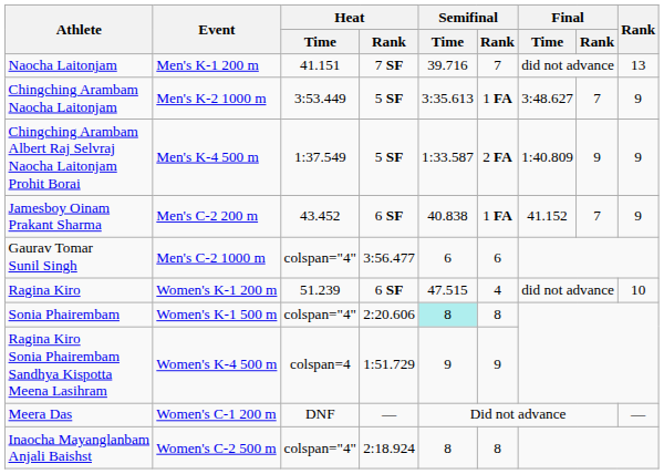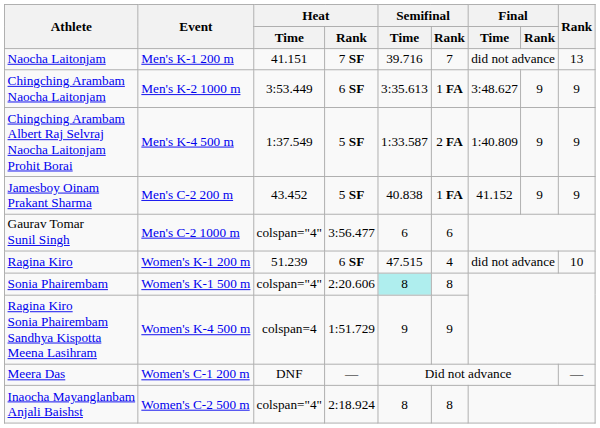 <table class="wikitable" style="text-align:center; font-size:90%">
 <tr>
 <th rowspan="2">Athlete</th>
 <th rowspan="2">Event</th>
 <th colspan="2">Heat</th>
 <th colspan="2">Semifinal</th>
 <th colspan="2">Final</th>
 <th rowspan="2">Rank</th>
 </tr>
 <tr>
 <th>Time</th>
 <th>Rank</th>
 <th>Time</th>
 <th>Rank</th>
 <th>Time</th>
 <th>Rank</th>
 </tr>
 <tr>
 <td align=left><a href='#'>Naocha Laitonjam</a></td>
 <td align=left><a href='#'>Men's K-1 200 m</a></td>
 <td>41.151</td>
 <td>7 <strong>SF</strong></td>
 <td>39.716</td>
 <td>7</td>
 <td colspan="2">did not advance</td>
 <td>13</td>
 </tr>
 <tr>
 <td align=left><a href='#'>Chingching Arambam</a><br><a href='#'>Naocha Laitonjam</a></td>
 <td align=left><a href='#'>Men's K-2 1000 m</a></td>
 <td>3:53.449</td>
-<td>5 <strong>SF</strong></td>
+<td>6 <strong>SF</strong></td>
 <td>3:35.613</td>
 <td>1 <strong>FA</strong></td>
 <td>3:48.627</td>
-<td>7</td>
+<td>9</td>
 <td>9</td>
 </tr>
 <tr>
 <td align=left><a href='#'>Chingching Arambam</a><br><a href='#'>Albert Raj Selvraj</a><br><a href='#'>Naocha Laitonjam</a><br><a href='#'>Prohit Borai</a></td>
 <td align=left><a href='#'>Men's K-4 500 m</a></td>
 <td>1:37.549</td>
 <td>5 <strong>SF</strong></td>
 <td>1:33.587</td>
 <td>2 <strong>FA</strong></td>
 <td>1:40.809</td>
 <td>9</td>
 <td>9</td>
 </tr>
 <tr>
 <td align=left><a href='#'>Jamesboy Oinam</a><br><a href='#'>Prakant Sharma</a></td>
 <td align=left><a href='#'>Men's C-2 200 m</a></td>
 <td>43.452</td>
-<td>6 <strong>SF</strong></td>
+<td>5 <strong>SF</strong></td>
 <td>40.838</td>
 <td>1 <strong>FA</strong></td>
 <td>41.152</td>
-<td>7</td>
+<td>9</td>
 <td>9</td>
 </tr>
 <tr>
 <td align=left>Gaurav Tomar<br><a href='#'>Sunil Singh</a></td>
 <td align=left><a href='#'>Men's C-2 1000 m</a></td>
 <td>colspan="4" </td>
 <td>3:56.477</td>
 <td>6</td>
 <td>6</td>
 </tr>
 <tr>
 <td align=left><a href='#'>Ragina Kiro</a></td>
 <td align=left><a href='#'>Women's K-1 200 m</a></td>
 <td>51.239</td>
 <td>6 <strong>SF</strong></td>
 <td>47.515</td>
 <td>4</td>
 <td colspan="2">did not advance</td>
 <td>10</td>
 </tr>
 <tr>
 <td align=left><a href='#'>Sonia Phairembam</a></td>
 <td align=left><a href='#'>Women's K-1 500 m</a></td>
 <td>colspan="4" </td>
 <td>2:20.606</td>
 <td style="background: paleturquoise;">8</td>
 <td>8</td>
 </tr>
 <tr>
 <td align=left><a href='#'>Ragina Kiro</a><br><a href='#'>Sonia Phairembam</a><br><a href='#'>Sandhya Kispotta</a><br><a href='#'>Meena Lasihram</a></td>
 <td align=left><a href='#'>Women's K-4 500 m</a></td>
 <td>colspan=4 </td>
 <td>1:51.729</td>
 <td>9</td>
 <td>9</td>
 </tr>
 <tr>
 <td align=left><a href='#'>Meera Das</a></td>
 <td align=left><a href='#'>Women's C-1 200 m</a></td>
 <td>DNF</td>
 <td>—</td>
 <td colspan="4">Did not advance</td>
 <td>—</td>
 </tr>
 <tr>
 <td align=left><a href='#'>Inaocha Mayanglanbam</a><br><a href='#'>Anjali Baishst</a></td>
 <td align=left><a href='#'>Women's C-2 500 m</a></td>
 <td>colspan="4" </td>
 <td>2:18.924</td>
 <td>8</td>
 <td>8</td>
 </tr>
 </table>
